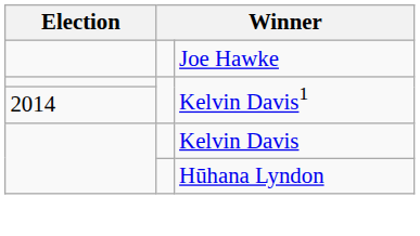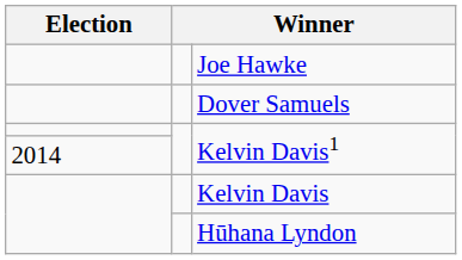 <table class=wikitable>
 <tr>
 <th width=100>Election</th>
 <th style="width:175px;" colspan="2">Winner</th>
 </tr>
 <tr>
 <td></td>
 <td width=5 bgcolor=></td>
 <td><a href='#'>Joe Hawke</a></td>
+</tr>
+<tr>
+<td></td>
+<td bgcolor=></td>
+<td><a href='#'>Dover Samuels</a></td>
 </tr>
 <tr>
 <td></td>
 <td rowspan="2" width="5"></td>
 <td rowspan="2"><a href='#'>Kelvin Davis</a><sup>1</sup></td>
 </tr>
 <tr>
 <td>2014</td>
 </tr>
 <tr>
 <td rowspan=2></td>
 <td bgcolor=></td>
 <td><a href='#'> Kelvin Davis</a></td>
 </tr>
 <tr>
 <td bgcolor=></td>
 <td><a href='#'>Hūhana Lyndon</a></td>
 </tr>
 </table>
